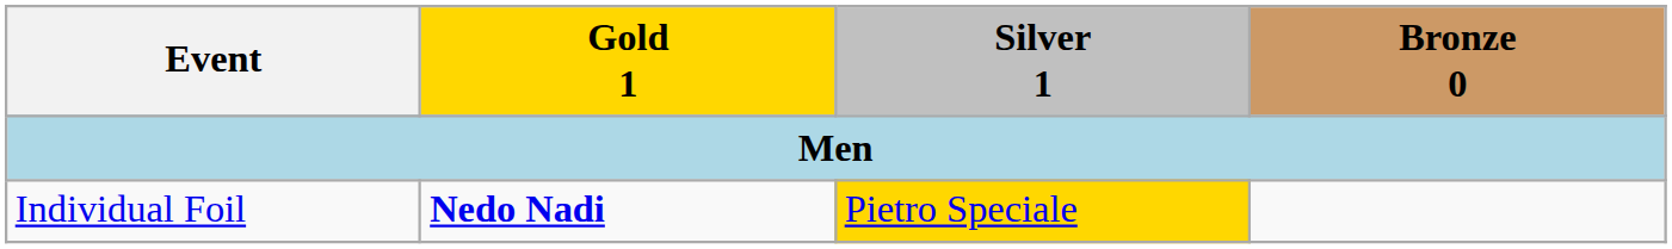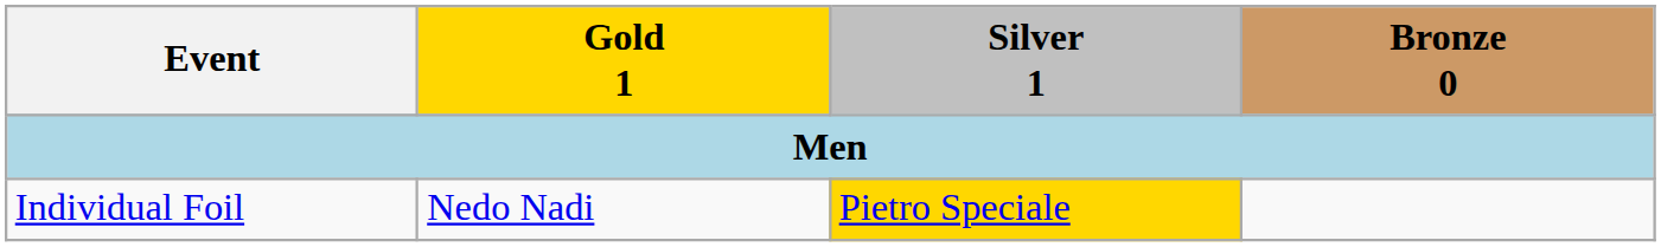 <table class="wikitable" width=70% style="font-size:90%; text-align:left;">
 <tr>
 <th width=25%>Event</th>
 <th width=25% style="background-color:gold">Gold<br>1</th>
 <th width=25% style="background-color:silver">Silver<br>1</th>
 <th width=25% style="background-color:#cc9966">Bronze<br>0</th>
 </tr>
 <tr>
 <td colspan=4 align=center bgcolor=lightblue><strong>Men</strong></td>
 </tr>
 <tr>
 <td><a href='#'>Individual Foil</a></td>
-<td><strong><a href='#'>Nedo Nadi</a></strong></td>
+<td><a href='#'>Nedo Nadi</a></td>
 <td style="background: gold;"><a href='#'>Pietro Speciale</a></td>
 <td></td>
 </tr>
 </table>
